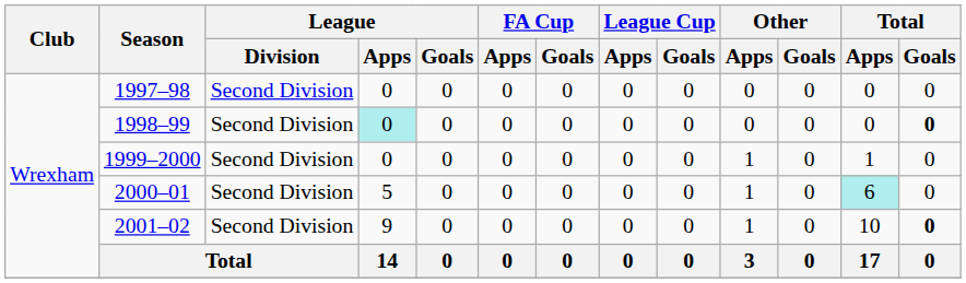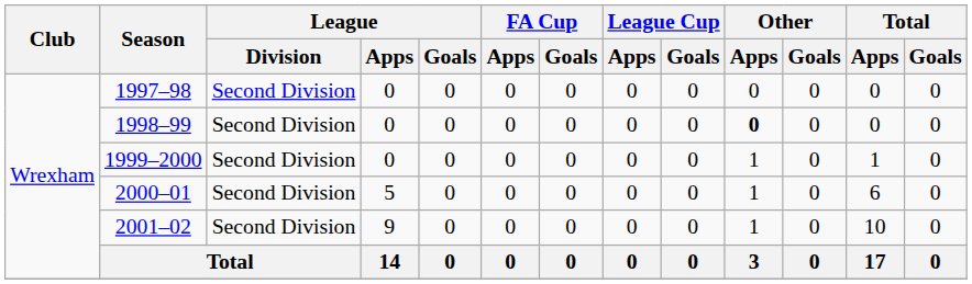 <table class=wikitable style="text-align:center">
 <tr>
 <th rowspan=2>Club</th>
 <th rowspan=2>Season</th>
 <th colspan=3>League</th>
 <th colspan=2><a href='#'>FA Cup</a></th>
 <th colspan=2><a href='#'>League Cup</a></th>
 <th colspan=2>Other</th>
 <th colspan=2>Total</th>
 </tr>
 <tr>
 <th>Division</th>
 <th>Apps</th>
 <th>Goals</th>
 <th>Apps</th>
 <th>Goals</th>
 <th>Apps</th>
 <th>Goals</th>
 <th>Apps</th>
 <th>Goals</th>
 <th>Apps</th>
 <th>Goals</th>
 </tr>
 <tr>
 <td rowspan=6><a href='#'>Wrexham</a></td>
 <td><a href='#'>1997–98</a></td>
 <td><a href='#'>Second Division</a></td>
 <td>0</td>
 <td>0</td>
 <td>0</td>
 <td>0</td>
 <td>0</td>
 <td>0</td>
 <td>0</td>
 <td>0</td>
 <td>0</td>
 <td>0</td>
 </tr>
 <tr>
 <td><a href='#'>1998–99</a></td>
 <td>Second Division</td>
-<td style="background: paleturquoise;">0</td>
-<td>0</td>
-<td>0</td>
 <td>0</td>
 <td>0</td>
 <td>0</td>
 <td>0</td>
 <td>0</td>
 <td>0</td>
 <td><strong>0</strong></td>
+<td>0</td>
+<td>0</td>
+<td>0</td>
 </tr>
 <tr>
 <td><a href='#'>1999–2000</a></td>
 <td>Second Division</td>
 <td>0</td>
 <td>0</td>
 <td>0</td>
 <td>0</td>
 <td>0</td>
 <td>0</td>
 <td>1</td>
 <td>0</td>
 <td>1</td>
 <td>0</td>
 </tr>
 <tr>
 <td><a href='#'>2000–01</a></td>
 <td>Second Division</td>
 <td>5</td>
 <td>0</td>
 <td>0</td>
 <td>0</td>
 <td>0</td>
 <td>0</td>
 <td>1</td>
 <td>0</td>
-<td style="background: paleturquoise;">6</td>
+<td>6</td>
 <td>0</td>
 </tr>
 <tr>
 <td><a href='#'>2001–02</a></td>
 <td>Second Division</td>
 <td>9</td>
 <td>0</td>
 <td>0</td>
 <td>0</td>
 <td>0</td>
 <td>0</td>
 <td>1</td>
 <td>0</td>
 <td>10</td>
-<td><strong>0</strong></td>
+<td>0</td>
 </tr>
 <tr>
 <th colspan=2>Total</th>
 <th>14</th>
 <th>0</th>
 <th>0</th>
 <th>0</th>
 <th>0</th>
 <th>0</th>
 <th>3</th>
 <th>0</th>
 <th>17</th>
 <th>0</th>
 </tr>
 <tr>
 </tr>
 </table>
